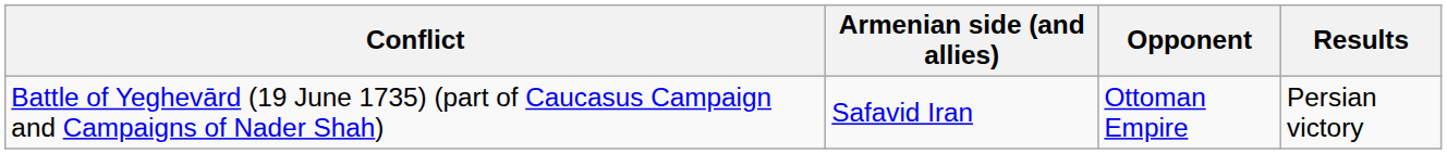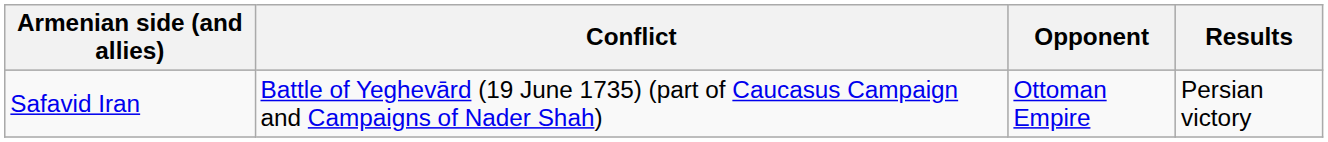 <table class="wikitable">
 <tr>
+<th>Armenian side (and allies)</th>
 <th>Conflict</th>
-<th>Armenian side (and allies)</th>
 <th>Opponent</th>
 <th>Results</th>
 </tr>
 <tr>
+<td><a href='#'>Safavid Iran</a></td>
 <td><a href='#'>Battle of Yeghevārd</a> (19 June 1735) (part of <a href='#'>Caucasus Campaign</a> and <a href='#'>Campaigns of Nader Shah</a>)</td>
-<td><a href='#'>Safavid Iran</a></td>
 <td><a href='#'>Ottoman Empire</a></td>
 <td>Persian victory</td>
 </tr>
 </table>
